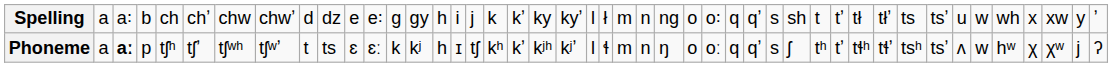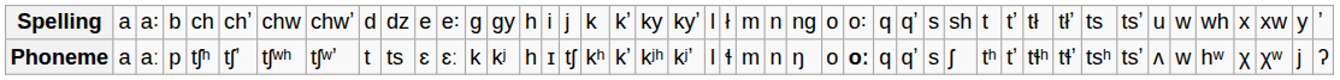 <table class="wikitable" border="1">
 <tr>
 <th>Spelling</th>
 <td>a</td>
 <td>a꞉</td>
 <td>b</td>
 <td>ch</td>
 <td>chʼ</td>
 <td>chw</td>
 <td>chwʼ</td>
 <td>d</td>
 <td>dz</td>
 <td>e</td>
 <td>e꞉</td>
 <td>g</td>
 <td>gy</td>
 <td>h</td>
 <td>i</td>
 <td>j</td>
 <td>k</td>
 <td>kʼ</td>
 <td>ky</td>
 <td>kyʼ</td>
 <td>l</td>
 <td>ł</td>
 <td>m</td>
 <td>n</td>
 <td>ng</td>
 <td>o</td>
 <td>o꞉</td>
 <td>q</td>
 <td>qʼ</td>
 <td>s</td>
 <td>sh</td>
 <td>t</td>
 <td>tʼ</td>
 <td>tł</td>
 <td>tłʼ</td>
 <td>ts</td>
 <td>tsʼ</td>
 <td>u</td>
 <td>w</td>
 <td>wh</td>
 <td>x</td>
 <td>xw</td>
 <td>y</td>
 <td>ʼ</td>
 </tr>
 <tr>
 <th>Phoneme</th>
 <td>a</td>
-<td><strong>aː</strong></td>
+<td>aː</td>
 <td>p</td>
 <td>tʃʰ</td>
 <td>tʃʼ</td>
 <td>tʃʷʰ</td>
 <td>tʃʷʼ</td>
 <td>t</td>
 <td>ts</td>
 <td>ɛ</td>
 <td>ɛː</td>
 <td>k</td>
 <td>kʲ</td>
 <td>h</td>
 <td>ɪ</td>
 <td>tʃ</td>
 <td>kʰ</td>
 <td>kʼ</td>
 <td>kʲʰ</td>
 <td>kʲʼ</td>
 <td>l</td>
 <td>ɬ</td>
 <td>m</td>
 <td>n</td>
 <td>ŋ</td>
 <td>o</td>
-<td>oː</td>
+<td><strong>oː</strong></td>
 <td>q</td>
 <td>qʼ</td>
 <td>s</td>
 <td>ʃ</td>
 <td>tʰ</td>
 <td>tʼ</td>
 <td>tɬʰ</td>
 <td>tɬʼ</td>
 <td>tsʰ</td>
 <td>tsʼ</td>
 <td>ʌ</td>
 <td>w</td>
 <td>hʷ</td>
 <td>χ</td>
 <td>χʷ</td>
 <td>j</td>
 <td>ʔ</td>
 </tr>
 </table>
